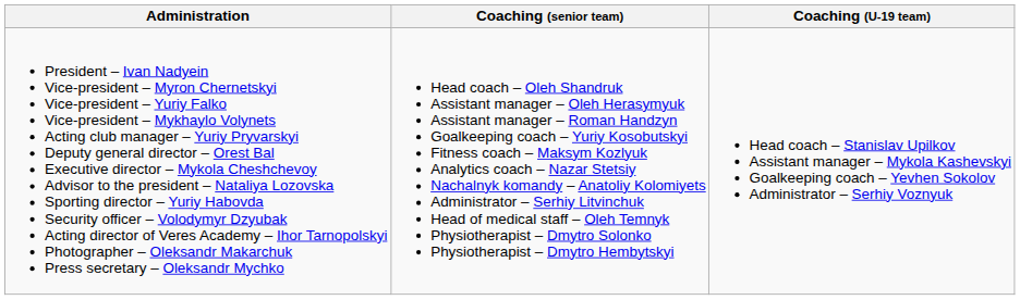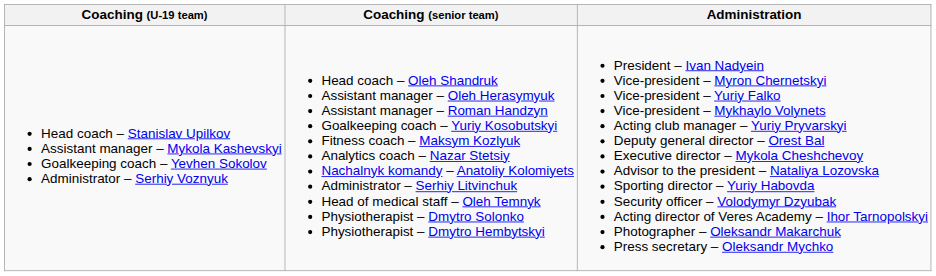 <table class="wikitable">
 <tr>
+<th>Coaching <small>(U-19 team)</small></th>
+<th>Coaching <small>(senior team)</small></th>
 <th>Administration</th>
-<th>Coaching <small>(senior team)</small></th>
-<th>Coaching <small>(U-19 team)</small></th>
 </tr>
 <tr>
+<td><br><ul><li>Head coach –  <a href='#'>Stanislav Upilkov</a></li><li>Assistant manager –  <a href='#'>Mykola Kashevskyi</a></li><li>Goalkeeping coach –  <a href='#'>Yevhen Sokolov</a></li><li>Administrator –  <a href='#'>Serhiy Voznyuk</a></li></ul></td>
+<td><br><ul><li>Head coach –  <a href='#'>Oleh Shandruk</a></li><li>Assistant manager –  <a href='#'>Oleh Herasymyuk</a></li><li>Assistant manager –  <a href='#'>Roman Handzyn</a></li><li>Goalkeeping coach –  <a href='#'>Yuriy Kosobutskyi</a></li><li>Fitness coach –  <a href='#'>Maksym Kozlyuk</a></li><li>Analytics coach –  <a href='#'>Nazar Stetsiy</a></li><li><a href='#'>Nachalnyk komandy</a> –  <a href='#'>Anatoliy Kolomiyets</a></li><li>Administrator –  <a href='#'>Serhiy Litvinchuk</a></li><li>Head of medical staff –  <a href='#'>Oleh Temnyk</a></li><li>Physiotherapist –  <a href='#'>Dmytro Solonko</a></li><li>Physiotherapist –  <a href='#'>Dmytro Hembytskyi</a></li></ul></td>
 <td><br><ul><li>President –  <a href='#'>Ivan Nadyein</a></li><li>Vice-president –  <a href='#'>Myron Chernetskyi</a></li><li>Vice-president –  <a href='#'>Yuriy Falko</a></li><li>Vice-president –  <a href='#'>Mykhaylo Volynets</a></li><li>Acting club manager –  <a href='#'>Yuriy Pryvarskyi</a></li><li>Deputy general director –  <a href='#'>Orest Bal</a></li><li>Executive director –  <a href='#'>Mykola Cheshchevoy</a></li><li>Advisor to the president –  <a href='#'>Nataliya Lozovska</a></li><li>Sporting director –  <a href='#'>Yuriy Habovda</a></li><li>Security officer –  <a href='#'>Volodymyr Dzyubak</a></li><li>Acting director of Veres Academy –  <a href='#'>Ihor Tarnopolskyi</a></li><li>Photographer –  <a href='#'>Oleksandr Makarchuk</a></li><li>Press secretary –  <a href='#'>Oleksandr Mychko</a></li></ul></td>
-<td><br><ul><li>Head coach –  <a href='#'>Oleh Shandruk</a></li><li>Assistant manager –  <a href='#'>Oleh Herasymyuk</a></li><li>Assistant manager –  <a href='#'>Roman Handzyn</a></li><li>Goalkeeping coach –  <a href='#'>Yuriy Kosobutskyi</a></li><li>Fitness coach –  <a href='#'>Maksym Kozlyuk</a></li><li>Analytics coach –  <a href='#'>Nazar Stetsiy</a></li><li><a href='#'>Nachalnyk komandy</a> –  <a href='#'>Anatoliy Kolomiyets</a></li><li>Administrator –  <a href='#'>Serhiy Litvinchuk</a></li><li>Head of medical staff –  <a href='#'>Oleh Temnyk</a></li><li>Physiotherapist –  <a href='#'>Dmytro Solonko</a></li><li>Physiotherapist –  <a href='#'>Dmytro Hembytskyi</a></li></ul></td>
-<td><br><ul><li>Head coach –  <a href='#'>Stanislav Upilkov</a></li><li>Assistant manager –  <a href='#'>Mykola Kashevskyi</a></li><li>Goalkeeping coach –  <a href='#'>Yevhen Sokolov</a></li><li>Administrator –  <a href='#'>Serhiy Voznyuk</a></li></ul></td>
 </tr>
 </table>
